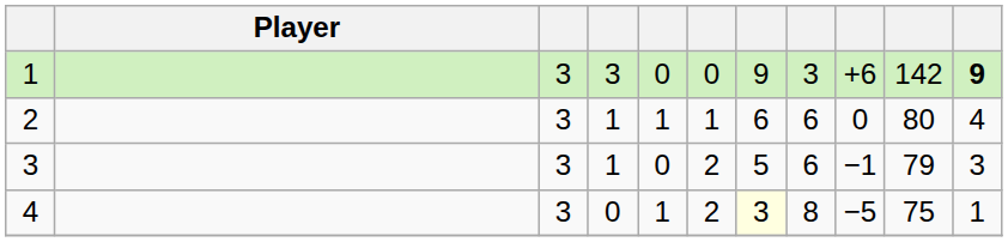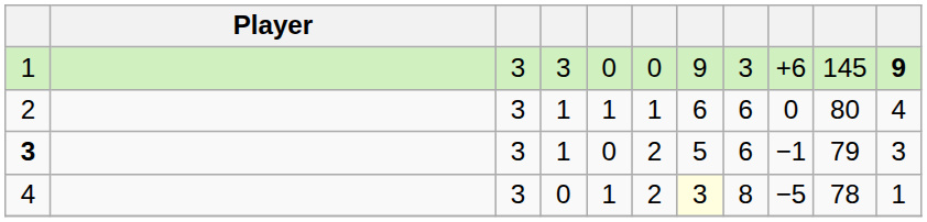 <table class="wikitable" style="text-align:center;">
 <tr>
 <th width=20></th>
 <th width=260>Player</th>
 <th width=20></th>
 <th width=20></th>
 <th width=20></th>
 <th width=20></th>
 <th width=20></th>
 <th width=20></th>
 <th width=20></th>
 <th width=30></th>
 <th width=20></th>
 </tr>
 <tr style="background:#D0F0C0;">
 <td>1</td>
 <td align=left> <small></small></td>
 <td>3</td>
 <td>3</td>
 <td>0</td>
 <td>0</td>
 <td>9</td>
 <td>3</td>
 <td>+6</td>
-<td>142</td>
+<td>145</td>
 <td><strong>9</strong></td>
 </tr>
 <tr>
 <td>2</td>
 <td align=left> <small></small></td>
 <td>3</td>
 <td>1</td>
 <td>1</td>
 <td>1</td>
 <td>6</td>
 <td>6</td>
 <td>0</td>
 <td>80</td>
 <td>4</td>
 </tr>
 <tr>
-<td>3</td>
+<td><strong>3</strong></td>
 <td align=left> <small></small></td>
 <td>3</td>
 <td>1</td>
 <td>0</td>
 <td>2</td>
 <td>5</td>
 <td>6</td>
 <td>−1</td>
 <td>79</td>
 <td>3</td>
 </tr>
 <tr>
 <td>4</td>
 <td align=left> <small></small></td>
 <td>3</td>
 <td>0</td>
 <td>1</td>
 <td>2</td>
 <td style="background: lightyellow;">3</td>
 <td>8</td>
 <td>−5</td>
-<td>75</td>
+<td>78</td>
 <td>1</td>
 </tr>
 <tr>
 </tr>
 </table>
